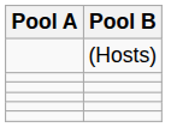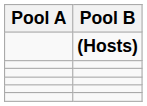 <table class="wikitable">
 <tr>
 <th width=50%>Pool A</th>
 <th width=50%>Pool B</th>
 </tr>
 <tr>
 <td></td>
-<td> (Hosts)</td>
+<td><strong> (Hosts)</strong></td>
 </tr>
 <tr>
 <td></td>
 <td></td>
 </tr>
 <tr>
 <td></td>
 <td></td>
 </tr>
 <tr>
 <td></td>
 <td></td>
 </tr>
 <tr>
 <td></td>
 <td></td>
 </tr>
 <tr>
 <td></td>
 <td></td>
 </tr>
 </table>
